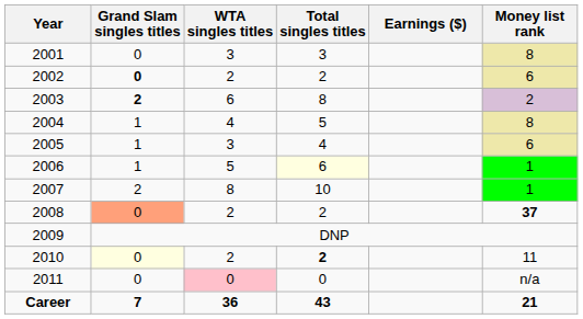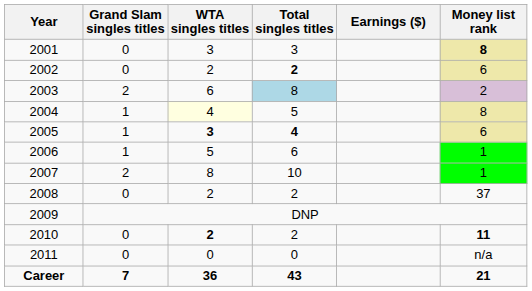 <table class="wikitable" style="text-align:center;">
 <tr>
 <th width="90">Year</th>
 <th>Grand Slam<br>singles titles</th>
 <th>WTA <br>singles titles</th>
 <th>Total<br>singles titles</th>
 <th width="120">Earnings ($)</th>
 <th width="100">Money list rank</th>
 </tr>
 <tr>
 <td>2001</td>
 <td>0</td>
 <td>3</td>
 <td>3</td>
 <td align="right"></td>
-<td bgcolor="#eee8aa">8</td>
+<td bgcolor="#eee8aa"><strong>8</strong></td>
 </tr>
 <tr>
 <td>2002</td>
-<td><strong>0</strong></td>
+<td>0</td>
 <td>2</td>
-<td>2</td>
+<td><strong>2</strong></td>
 <td align="right"></td>
 <td bgcolor="#eee8aa">6</td>
 </tr>
 <tr>
 <td>2003</td>
-<td><strong>2</strong></td>
+<td>2</td>
 <td>6</td>
-<td>8</td>
+<td style="background: lightblue;">8</td>
 <td align="right"></td>
 <td bgcolor="thistle">2</td>
 </tr>
 <tr>
 <td>2004</td>
 <td>1</td>
-<td>4</td>
+<td style="background: lightyellow;">4</td>
 <td>5</td>
 <td align="right"></td>
 <td bgcolor="#eee8aa">8</td>
 </tr>
 <tr>
 <td>2005</td>
 <td>1</td>
-<td>3</td>
-<td>4</td>
+<td><strong>3</strong></td>
+<td><strong>4</strong></td>
 <td align="right"></td>
 <td bgcolor="#eee8aa">6</td>
 </tr>
 <tr>
 <td>2006</td>
 <td>1</td>
 <td>5</td>
-<td style="background: lightyellow;">6</td>
+<td>6</td>
 <td align="right"></td>
 <td bgcolor="lime">1</td>
 </tr>
 <tr>
 <td>2007</td>
 <td>2</td>
 <td>8</td>
 <td>10</td>
 <td align="right"></td>
 <td bgcolor="lime">1</td>
 </tr>
 <tr>
 <td>2008</td>
-<td style="background: lightsalmon;">0</td>
+<td>0</td>
 <td>2</td>
 <td>2</td>
 <td align="right"></td>
-<td><strong>37</strong></td>
+<td>37</td>
 </tr>
 <tr>
 <td>2009</td>
 <td colspan="5">DNP</td>
 </tr>
 <tr>
 <td>2010</td>
-<td style="background: lightyellow;">0</td>
+<td>0</td>
+<td><strong>2</strong></td>
 <td>2</td>
-<td><strong>2</strong></td>
 <td align="right"></td>
-<td>11</td>
+<td><strong>11</strong></td>
 </tr>
 <tr>
 <td>2011</td>
 <td>0</td>
-<td style="background: pink;">0</td>
+<td>0</td>
 <td>0</td>
 <td align="right"></td>
 <td>n/a</td>
 </tr>
 <tr style="font-weight:bold">
 <td>Career</td>
 <td>7</td>
 <td>36</td>
 <td>43</td>
 <td align="right"></td>
 <td>21</td>
 </tr>
 </table>
